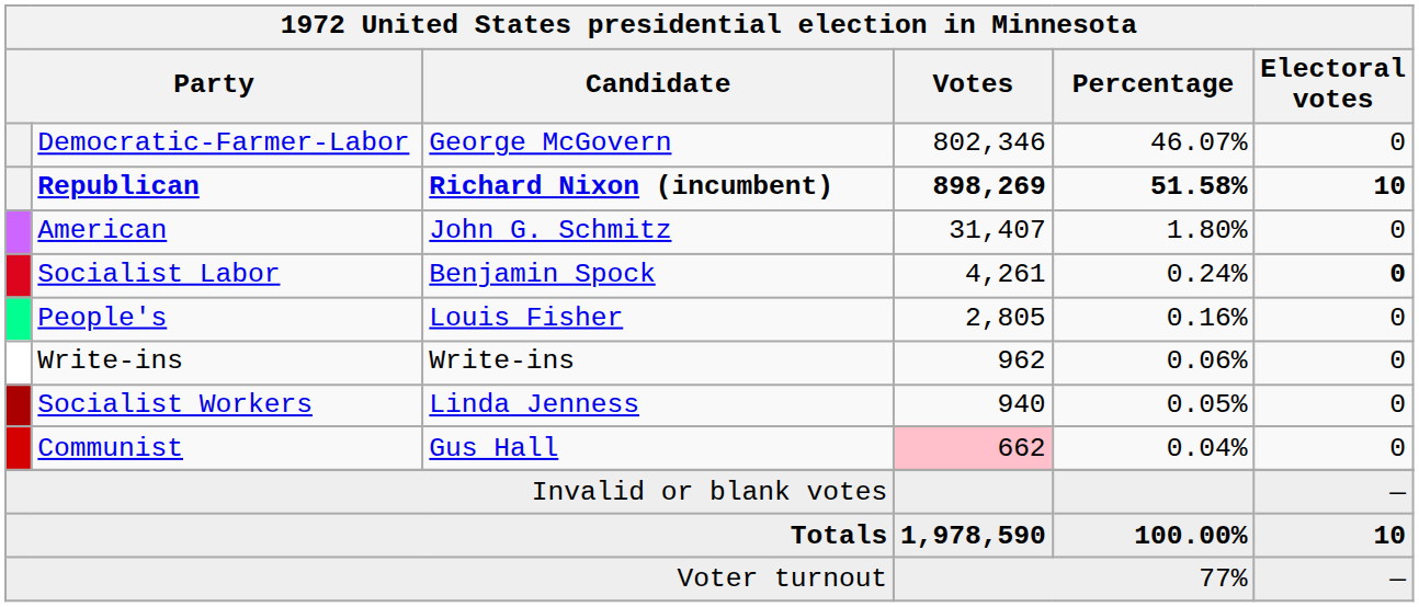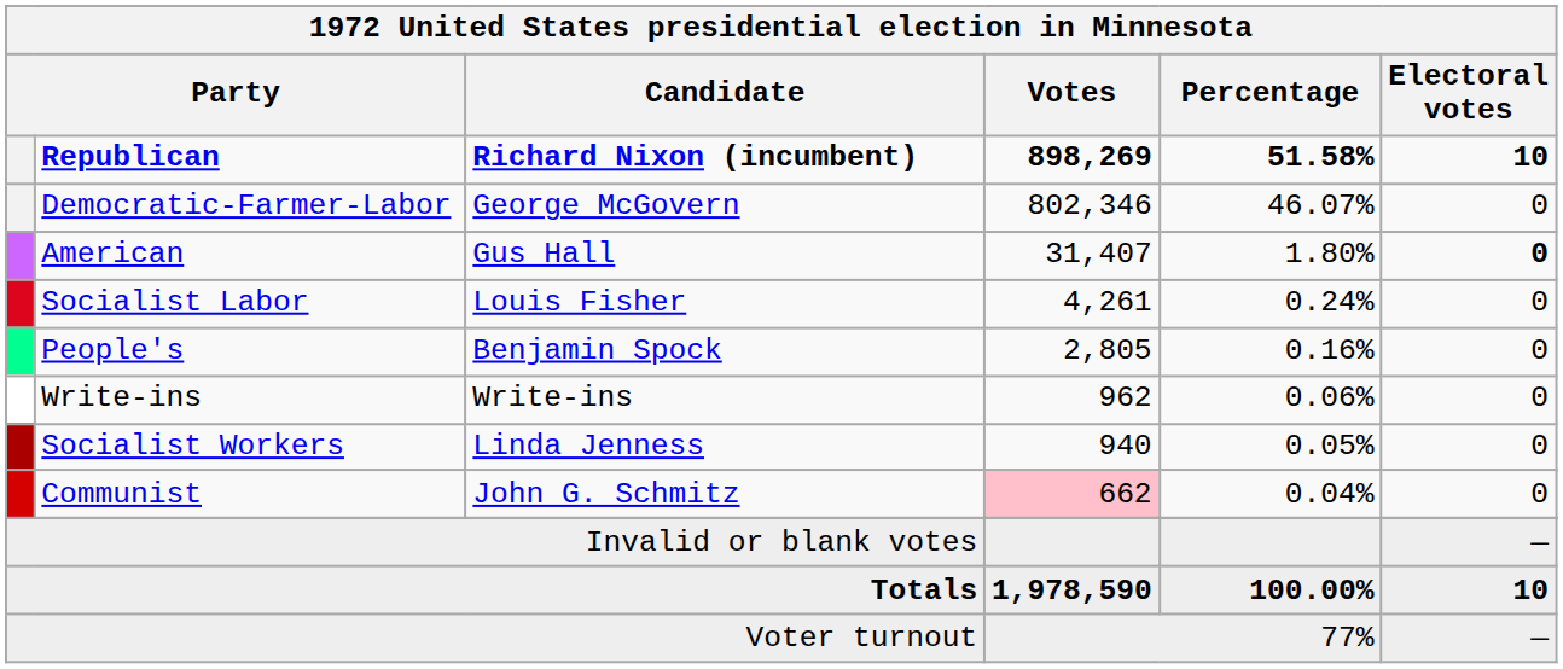 <table class="wikitable" style="font-size: 95%;">
 <tr>
 <th colspan="6">1972 United States presidential election in Minnesota</th>
 </tr>
 <tr>
 <th colspan="2" style="width: 15em">Party</th>
 <th style="width: 17em">Candidate</th>
 <th style="width: 5em">Votes</th>
 <th style="width: 7em">Percentage</th>
 <th style="width: 5em">Electoral votes</th>
 </tr>
 <tr>
 <th style="background-color:"></th>
+<td style="width: 130px"><strong><a href='#'>Republican</a></strong></td>
+<td><strong><a href='#'>Richard Nixon</a> (incumbent)</strong></td>
+<td align="right"><strong>898,269</strong></td>
+<td align="right"><strong>51.58%</strong></td>
+<td align="right"><strong>10</strong></td>
+</tr>
+<tr>
+<th style="background-color:"></th>
 <td style="width: 130px"><a href='#'>Democratic-Farmer-Labor</a></td>
 <td><a href='#'>George McGovern</a></td>
 <td align="right">802,346</td>
 <td align="right">46.07%</td>
 <td align="right">0</td>
 </tr>
 <tr>
-<th style="background-color:"></th>
-<td style="width: 130px"><strong><a href='#'>Republican</a></strong></td>
-<td><strong><a href='#'>Richard Nixon</a> (incumbent)</strong></td>
-<td align="right"><strong>898,269</strong></td>
-<td align="right"><strong>51.58%</strong></td>
-<td align="right"><strong>10</strong></td>
-</tr>
-<tr>
 <th style="background-color:#CC66FF; width: 3px"></th>
 <td style="width: 130px"><a href='#'>American</a></td>
-<td><a href='#'>John G. Schmitz</a></td>
+<td><a href='#'>Gus Hall</a></td>
 <td align="right">31,407</td>
 <td align="right">1.80%</td>
-<td align="right">0</td>
+<td align="right"><strong>0</strong></td>
 </tr>
 <tr>
 <th style="background-color:#DD051D; width: 3px"></th>
 <td style="width: 130px"><a href='#'>Socialist Labor</a></td>
-<td><a href='#'>Benjamin Spock</a></td>
+<td><a href='#'>Louis Fisher</a></td>
 <td align="right">4,261</td>
 <td align="right">0.24%</td>
-<td align="right"><strong>0</strong></td>
+<td align="right">0</td>
 </tr>
 <tr>
 <th style="background-color:#00FF90; width: 3px"></th>
 <td style="width: 130px"><a href='#'>People's</a></td>
-<td><a href='#'>Louis Fisher</a></td>
+<td><a href='#'>Benjamin Spock</a></td>
 <td align="right">2,805</td>
 <td align="right">0.16%</td>
 <td align="right">0</td>
 </tr>
 <tr>
 <th style="background-color:#FFFFFF; width: 3px"></th>
 <td style="width: 130px">Write-ins</td>
 <td>Write-ins</td>
 <td align="right">962</td>
 <td align="right">0.06%</td>
 <td align="right">0</td>
 </tr>
 <tr>
 <th style="background-color:#aa0000; width: 3px"></th>
 <td style="width: 130px"><a href='#'>Socialist Workers</a></td>
 <td><a href='#'>Linda Jenness</a></td>
 <td align="right">940</td>
 <td align="right">0.05%</td>
 <td align="right">0</td>
 </tr>
 <tr>
 <th style="background-color:#D50000; width: 3px"></th>
 <td style="width: 130px"><a href='#'>Communist</a></td>
-<td><a href='#'>Gus Hall</a></td>
+<td><a href='#'>John G. Schmitz</a></td>
 <td align="right" style="background: pink;">662</td>
 <td align="right">0.04%</td>
 <td align="right">0</td>
 </tr>
 <tr>
 </tr>
 <tr bgcolor="#EEEEEE">
 <td colspan="3" align="right">Invalid or blank votes</td>
 <td align="right"></td>
 <td align="right"></td>
 <td align="right">—</td>
 </tr>
 <tr bgcolor="#EEEEEE">
 <td colspan="3" align="right"><strong>Totals</strong></td>
 <td align="right"><strong>1,978,590</strong></td>
 <td align="right"><strong>100.00%</strong></td>
 <td align="right"><strong>10</strong></td>
 </tr>
 <tr bgcolor="#EEEEEE">
 <td colspan="3" align="right">Voter turnout</td>
 <td colspan="2" align="right">77%</td>
 <td align="right">—</td>
 </tr>
 </table>
